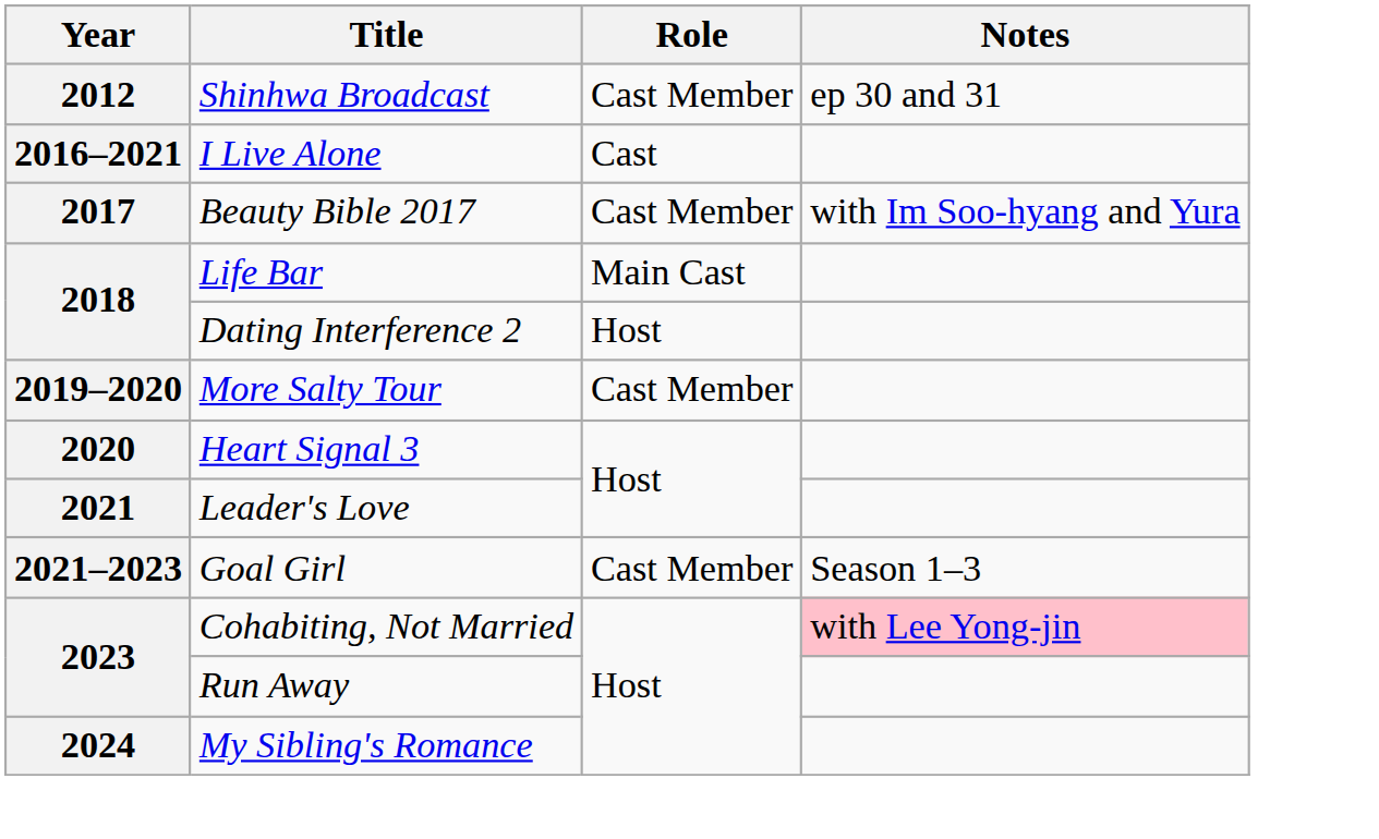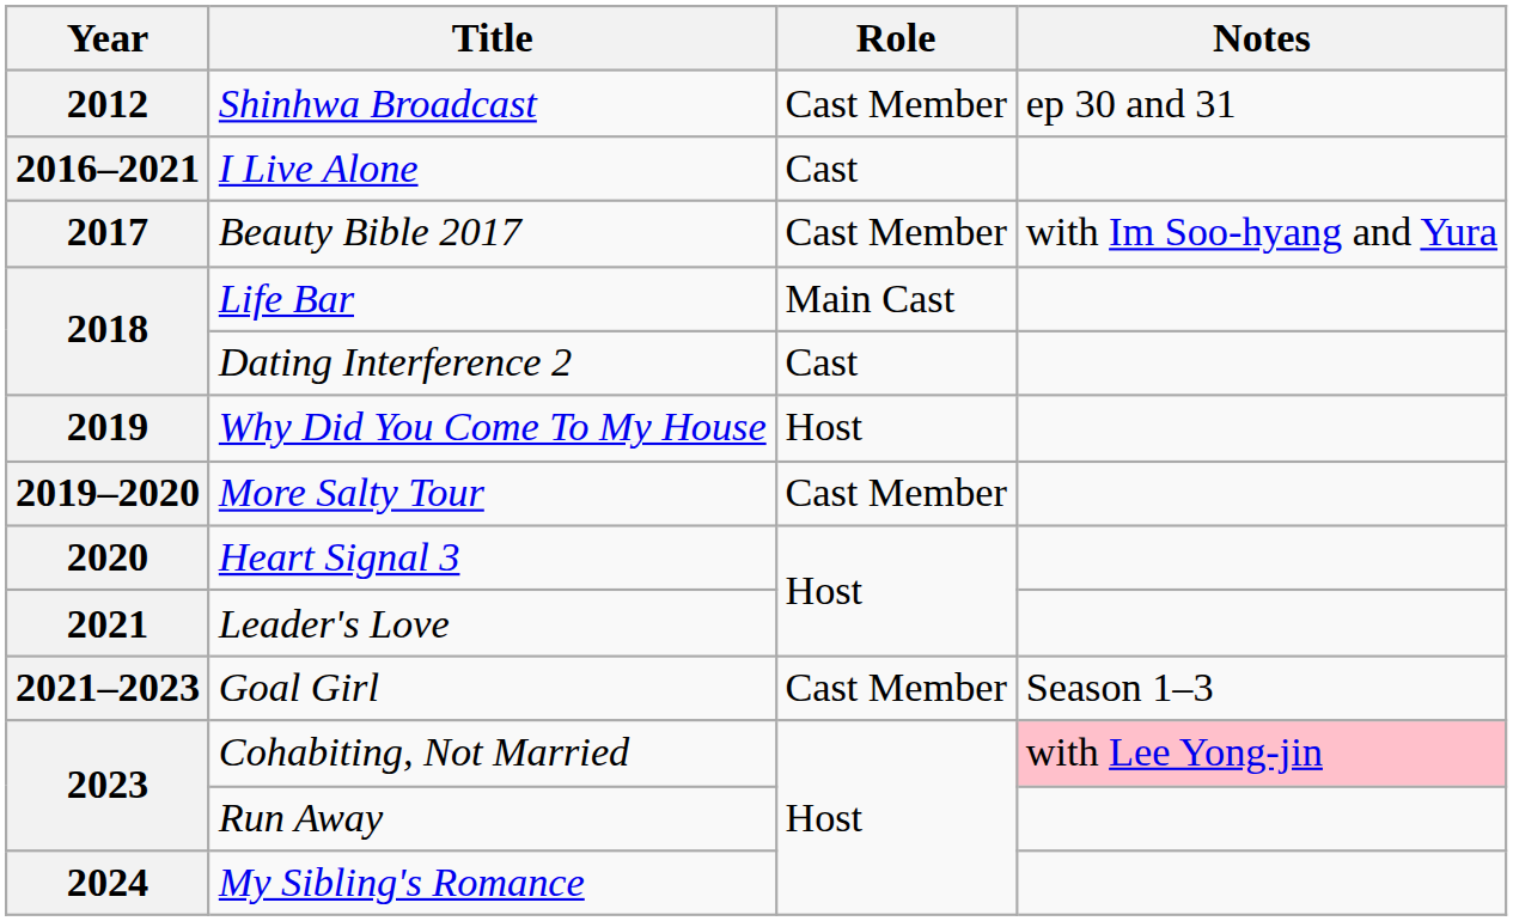 <table class="wikitable plainrowheaders sortable">
 <tr>
 <th>Year</th>
 <th>Title</th>
 <th>Role</th>
 <th>Notes</th>
 </tr>
 <tr>
 <th scope="row">2012</th>
 <td><em><a href='#'>Shinhwa Broadcast</a></em></td>
 <td>Cast Member</td>
 <td>ep 30 and 31</td>
 </tr>
 <tr>
 <th scope="row">2016–2021</th>
 <td><em><a href='#'>I Live Alone</a></em></td>
 <td>Cast</td>
 <td></td>
 </tr>
 <tr>
 <th scope="row">2017</th>
 <td><em>Beauty Bible 2017</em></td>
 <td>Cast Member</td>
 <td>with <a href='#'>Im Soo-hyang</a> and  <a href='#'>Yura</a></td>
 </tr>
 <tr>
 <th scope="row" rowspan= "2">2018</th>
 <td><em><a href='#'>Life Bar</a></em></td>
 <td>Main Cast</td>
 <td></td>
 </tr>
 <tr>
 <td><em>Dating Interference 2</em></td>
+<td>Cast</td>
+<td></td>
+</tr>
+<tr>
+<th scope="row">2019</th>
+<td><em><a href='#'>Why Did You Come To My House</a></em></td>
 <td>Host</td>
 <td></td>
 </tr>
 <tr>
 <th scope="row">2019–2020</th>
 <td><em><a href='#'>More Salty Tour</a></em></td>
 <td>Cast Member</td>
 <td></td>
 </tr>
 <tr>
 <th scope="row">2020</th>
 <td><em><a href='#'>Heart Signal 3</a></em></td>
 <td rowspan="2">Host</td>
 <td></td>
 </tr>
 <tr>
 <th scope="row">2021</th>
 <td><em>Leader's Love</em></td>
 <td></td>
 </tr>
 <tr>
 <th scope="row">2021–2023</th>
 <td><em>Goal Girl</em></td>
 <td>Cast Member</td>
 <td>Season 1–3</td>
 </tr>
 <tr>
 <th scope="row" rowspan=2>2023</th>
 <td><em>Cohabiting, Not Married</em></td>
 <td rowspan="3">Host</td>
 <td style="background: pink;">with <a href='#'>Lee Yong-jin</a></td>
 </tr>
 <tr>
 <td><em>Run Away</em></td>
 <td></td>
 </tr>
 <tr>
 <th scope="row">2024</th>
 <td><em><a href='#'>My Sibling's Romance</a></em></td>
 <td></td>
 </tr>
 </table>
